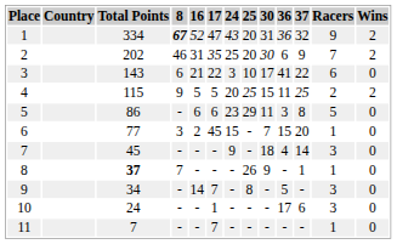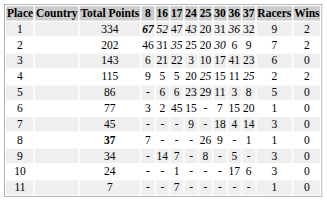 <table border="0" style="border: 1px solid #999; background-color:#FFFFFF; text-align:center">
 <tr align="center" bgcolor="#CCCCCC">
 <th>Place</th>
 <th>Country</th>
 <th>Total Points</th>
 <th>8</th>
 <th>16</th>
 <th>17</th>
 <th>24</th>
 <th>25</th>
 <th>30</th>
 <th>36</th>
 <th>37</th>
 <th>Racers</th>
 <th>Wins</th>
 </tr>
 <tr bgcolor="#EFEFEF">
 <td>1</td>
 <td align="left"></td>
 <td>334</td>
 <td><strong><em>67</em></strong></td>
 <td><em>52</em></td>
 <td>47</td>
 <td><em>43</em></td>
 <td>20</td>
 <td>31</td>
 <td><em>36</em></td>
 <td>32</td>
 <td>9</td>
 <td>2</td>
 </tr>
 <tr>
 <td>2</td>
 <td align="left"></td>
 <td>202</td>
 <td>46</td>
 <td>31</td>
 <td><em>35</em></td>
 <td>25</td>
 <td>20</td>
 <td><em>30</em></td>
 <td>6</td>
 <td>9</td>
 <td>7</td>
 <td>2</td>
 </tr>
 <tr bgcolor="#EFEFEF">
 <td>3</td>
 <td align="left"></td>
 <td>143</td>
 <td>6</td>
 <td>21</td>
 <td>22</td>
 <td>3</td>
 <td>10</td>
 <td>17</td>
 <td>41</td>
-<td>22</td>
+<td>23</td>
 <td>6</td>
 <td>0</td>
 </tr>
 <tr>
 <td>4</td>
 <td align="left"></td>
 <td>115</td>
 <td>9</td>
 <td>5</td>
 <td>5</td>
 <td>20</td>
 <td><em>25</em></td>
 <td>15</td>
 <td>11</td>
 <td><em>25</em></td>
 <td>2</td>
 <td>2</td>
 </tr>
 <tr bgcolor="#EFEFEF">
 <td>5</td>
 <td align="left"></td>
 <td>86</td>
 <td>-</td>
 <td>6</td>
 <td>6</td>
 <td>23</td>
 <td>29</td>
 <td>11</td>
 <td>3</td>
 <td>8</td>
 <td>5</td>
 <td>0</td>
 </tr>
 <tr>
 <td>6</td>
 <td align="left"></td>
 <td>77</td>
 <td>3</td>
 <td>2</td>
 <td>45</td>
 <td>15</td>
 <td>-</td>
 <td>7</td>
 <td>15</td>
 <td>20</td>
 <td>1</td>
 <td>0</td>
 </tr>
 <tr bgcolor="#EFEFEF">
 <td>7</td>
 <td align="left"></td>
 <td>45</td>
 <td>-</td>
 <td>-</td>
 <td>-</td>
 <td>9</td>
 <td>-</td>
 <td>18</td>
 <td>4</td>
 <td>14</td>
 <td>3</td>
 <td>0</td>
 </tr>
 <tr>
 <td>8</td>
 <td align="left"></td>
 <td><strong>37</strong></td>
 <td>7</td>
 <td>-</td>
 <td>-</td>
 <td>-</td>
 <td>26</td>
 <td>9</td>
 <td>-</td>
 <td>1</td>
 <td>1</td>
 <td>0</td>
 </tr>
 <tr bgcolor="#EFEFEF">
 <td>9</td>
 <td align="left"></td>
 <td>34</td>
 <td>-</td>
 <td>14</td>
 <td>7</td>
 <td>-</td>
 <td>8</td>
 <td>-</td>
 <td>5</td>
 <td>-</td>
 <td>3</td>
 <td>0</td>
 </tr>
 <tr>
 <td>10</td>
 <td align="left"></td>
 <td>24</td>
 <td>-</td>
 <td>-</td>
 <td>1</td>
 <td>-</td>
 <td>-</td>
 <td>-</td>
 <td>17</td>
 <td>6</td>
 <td>3</td>
 <td>0</td>
 </tr>
 <tr bgcolor="#EFEFEF">
 <td>11</td>
 <td align="left"></td>
 <td>7</td>
 <td>-</td>
 <td>-</td>
 <td>7</td>
 <td>-</td>
 <td>-</td>
 <td>-</td>
 <td>-</td>
 <td>-</td>
 <td>1</td>
 <td>0</td>
 </tr>
 </table>
